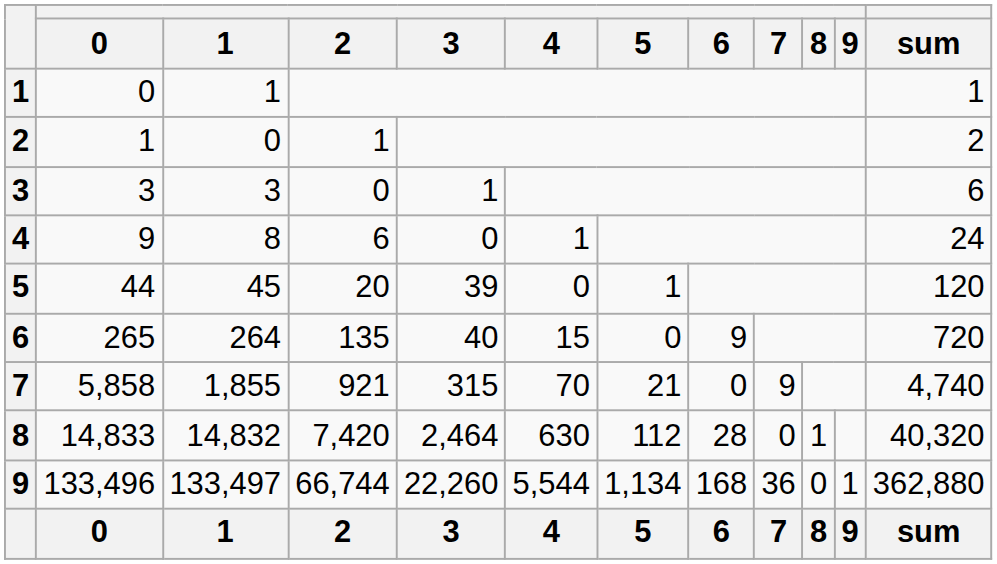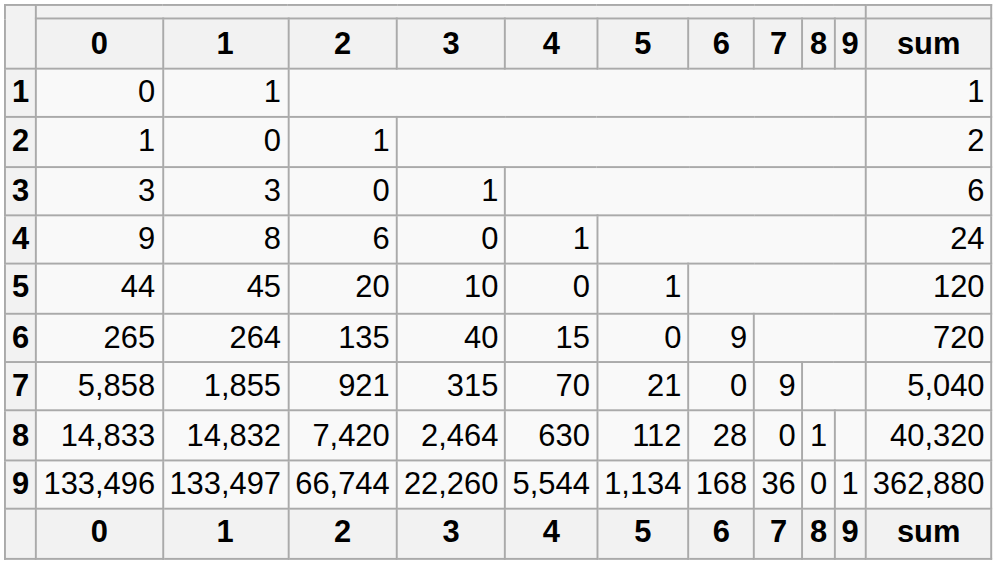 <table class="wikitable">
 <tr>
 <th rowspan="2" valign="center"></th>
 <th colspan="10"></th>
 <th></th>
 </tr>
 <tr>
 <th>0</th>
 <th>1</th>
 <th>2</th>
 <th>3</th>
 <th>4</th>
 <th>5</th>
 <th>6</th>
 <th>7</th>
 <th>8</th>
 <th>9</th>
 <th>sum</th>
 </tr>
 <tr>
 <th>1</th>
 <td align="right">0</td>
 <td align="right">1</td>
 <td colspan="8"></td>
 <td align="right">1</td>
 </tr>
 <tr>
 <th>2</th>
 <td align="right">1</td>
 <td align="right">0</td>
 <td align="right">1</td>
 <td colspan="7"></td>
 <td align="right">2</td>
 </tr>
 <tr>
 <th>3</th>
 <td align="right">3</td>
 <td align="right">3</td>
 <td align="right">0</td>
 <td align="right">1</td>
 <td colspan="6"></td>
 <td align="right">6</td>
 </tr>
 <tr>
 <th>4</th>
 <td align="right">9</td>
 <td align="right">8</td>
 <td align="right">6</td>
 <td align="right">0</td>
 <td align="right">1</td>
 <td colspan="5"></td>
 <td align="right">24</td>
 </tr>
 <tr>
 <th>5</th>
 <td align="right">44</td>
 <td align="right">45</td>
 <td align="right">20</td>
-<td align="right">39</td>
+<td align="right">10</td>
 <td align="right">0</td>
 <td align="right">1</td>
 <td colspan="4"></td>
 <td align="right">120</td>
 </tr>
 <tr>
 <th>6</th>
 <td align="right">265</td>
 <td align="right">264</td>
 <td align="right">135</td>
 <td align="right">40</td>
 <td align="right">15</td>
 <td align="right">0</td>
 <td align="right">9</td>
 <td colspan="3"></td>
 <td align="right">720</td>
 </tr>
 <tr>
 <th>7</th>
 <td align="right">5,858</td>
 <td align="right">1,855</td>
 <td align="right">921</td>
 <td align="right">315</td>
 <td align="right">70</td>
 <td align="right">21</td>
 <td align="right">0</td>
 <td align="right">9</td>
 <td colspan="2"></td>
-<td align="right">4,740</td>
+<td align="right">5,040</td>
 </tr>
 <tr>
 <th>8</th>
 <td align="right">14,833</td>
 <td align="right">14,832</td>
 <td align="right">7,420</td>
 <td align="right">2,464</td>
 <td align="right">630</td>
 <td align="right">112</td>
 <td align="right">28</td>
 <td align="right">0</td>
 <td align="right">1</td>
 <td colspan="1"></td>
 <td align="right">40,320</td>
 </tr>
 <tr>
 <th>9</th>
 <td align="right">133,496</td>
 <td align="right">133,497</td>
 <td align="right">66,744</td>
 <td align="right">22,260</td>
 <td align="right">5,544</td>
 <td align="right">1,134</td>
 <td align="right">168</td>
 <td align="right">36</td>
 <td align="right">0</td>
 <td align="right">1</td>
 <td align="right">362,880</td>
 </tr>
 <tr>
 <th></th>
 <th>0</th>
 <th>1</th>
 <th>2</th>
 <th>3</th>
 <th>4</th>
 <th>5</th>
 <th>6</th>
 <th>7</th>
 <th>8</th>
 <th>9</th>
 <th>sum</th>
 </tr>
 </table>
